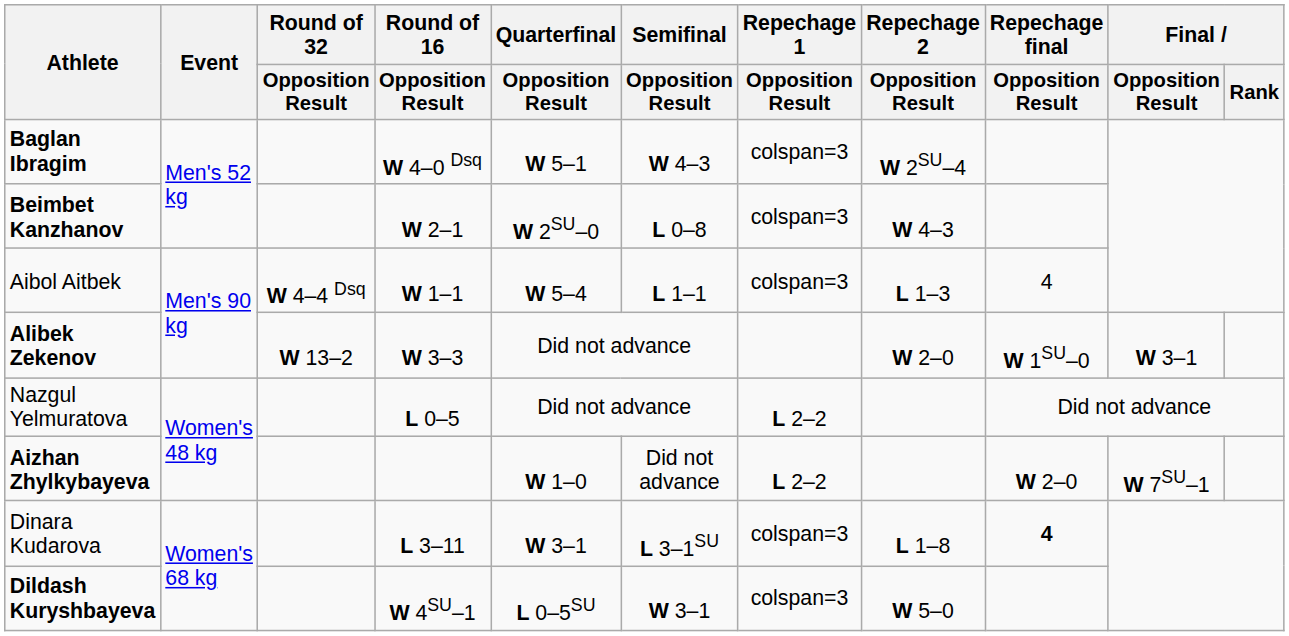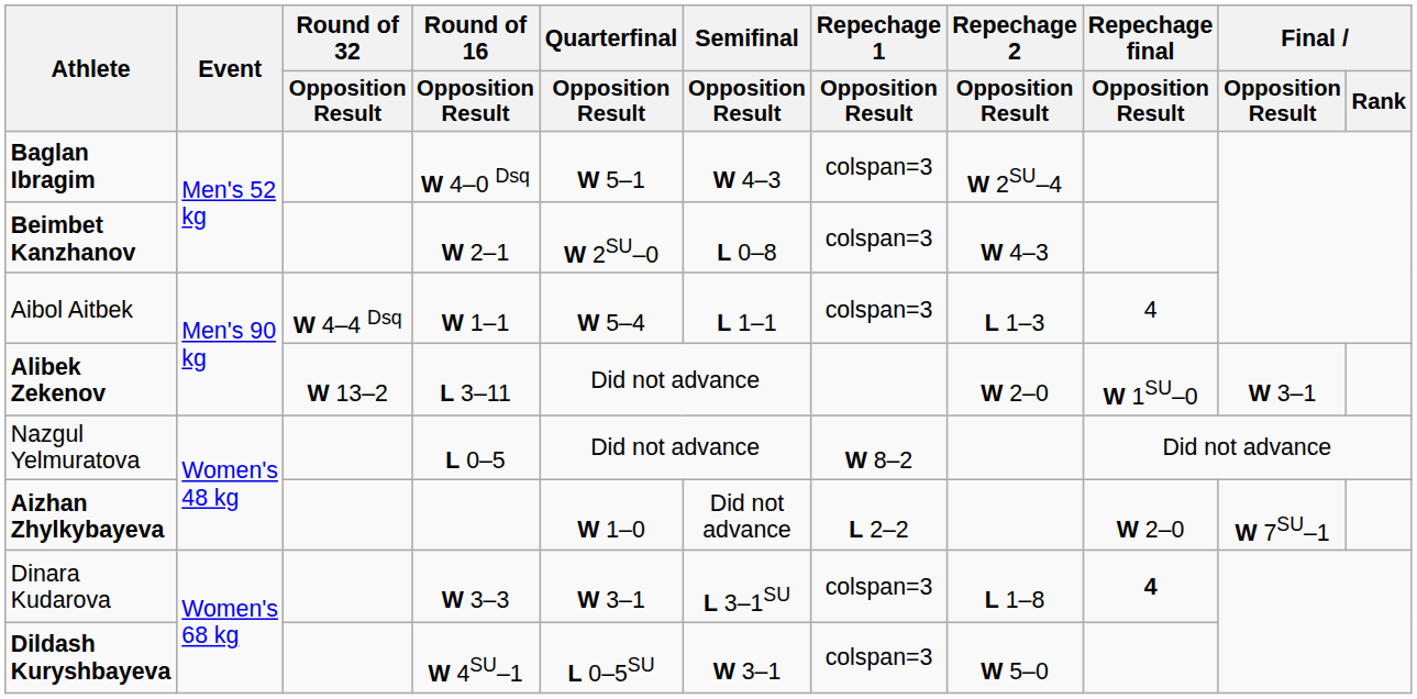 <table class=wikitable style=font-size:87%;text-align:center>
 <tr>
 <th rowspan="2">Athlete</th>
 <th rowspan="2">Event</th>
 <th>Round of 32</th>
 <th>Round of 16</th>
 <th>Quarterfinal</th>
 <th>Semifinal</th>
 <th>Repechage 1</th>
 <th>Repechage 2</th>
 <th>Repechage final</th>
 <th colspan=2>Final / </th>
 </tr>
 <tr style="font-size: 95%">
 <th>Opposition<br>Result</th>
 <th>Opposition<br>Result</th>
 <th>Opposition<br>Result</th>
 <th>Opposition<br>Result</th>
 <th>Opposition<br>Result</th>
 <th>Opposition<br>Result</th>
 <th>Opposition<br>Result</th>
 <th>Opposition<br>Result</th>
 <th>Rank</th>
 </tr>
 <tr>
 <td align=left><strong>Baglan Ibragim</strong></td>
 <td align=left rowspan=2><a href='#'>Men's 52 kg</a></td>
 <td></td>
 <td><br><strong>W</strong> 4–0 <sup>Dsq</sup></td>
 <td><br><strong>W</strong> 5–1</td>
 <td><br><strong>W</strong> 4–3</td>
 <td>colspan=3 </td>
 <td><br><strong>W</strong> 2<sup>SU</sup>–4</td>
 <td></td>
 </tr>
 <tr>
 <td align=left><strong>Beimbet Kanzhanov</strong></td>
 <td></td>
 <td><br><strong>W</strong> 2–1</td>
 <td><br><strong>W</strong> 2<sup>SU</sup>–0</td>
 <td><br><strong>L</strong> 0–8</td>
 <td>colspan=3 </td>
 <td><br><strong>W</strong> 4–3</td>
 <td></td>
 </tr>
 <tr>
 <td align=left>Aibol Aitbek</td>
 <td align=left rowspan=2><a href='#'>Men's 90 kg</a></td>
 <td><br><strong>W</strong> 4–4 <sup>Dsq</sup></td>
 <td><br><strong>W</strong> 1–1</td>
 <td><br><strong>W</strong> 5–4</td>
 <td><br><strong>L</strong> 1–1</td>
 <td>colspan=3 </td>
 <td><br><strong>L</strong> 1–3</td>
 <td>4</td>
 </tr>
 <tr>
 <td align=left><strong>Alibek Zekenov</strong></td>
 <td><br><strong>W</strong> 13–2</td>
-<td><br><strong>W</strong> 3–3</td>
+<td><br><strong>L</strong> 3–11</td>
 <td colspan=2>Did not advance</td>
 <td></td>
 <td><br><strong>W</strong> 2–0</td>
 <td><br><strong>W</strong> 1<sup>SU</sup>–0</td>
 <td><br><strong>W</strong> 3–1</td>
 <td></td>
 </tr>
 <tr>
 <td align=left>Nazgul Yelmuratova</td>
 <td align=left rowspan=2><a href='#'>Women's 48 kg</a></td>
 <td></td>
 <td><br><strong>L</strong> 0–5</td>
 <td colspan=2>Did not advance</td>
-<td><br><strong>L</strong> 2–2</td>
+<td><br><strong>W</strong> 8–2</td>
 <td></td>
 <td colspan=3>Did not advance</td>
 </tr>
 <tr>
 <td align=left><strong>Aizhan Zhylkybayeva</strong></td>
 <td></td>
 <td></td>
 <td><br><strong>W</strong> 1–0</td>
 <td>Did not advance</td>
 <td><br><strong>L</strong> 2–2</td>
 <td></td>
 <td><br><strong>W</strong> 2–0</td>
 <td><br><strong>W</strong> 7<sup>SU</sup>–1</td>
 <td></td>
 </tr>
 <tr>
 <td align=left>Dinara Kudarova</td>
 <td align=left rowspan=2><a href='#'>Women's 68 kg</a></td>
 <td></td>
-<td><br><strong>L</strong> 3–11</td>
+<td><br><strong>W</strong> 3–3</td>
 <td><br><strong>W</strong> 3–1</td>
 <td><br><strong>L</strong> 3–1<sup>SU</sup></td>
 <td>colspan=3 </td>
 <td><br><strong>L</strong> 1–8</td>
 <td><strong>4</strong></td>
 </tr>
 <tr>
 <td align=left><strong>Dildash Kuryshbayeva</strong></td>
 <td></td>
 <td><br><strong>W</strong> 4<sup>SU</sup>–1</td>
 <td><br><strong>L</strong> 0–5<sup>SU</sup></td>
 <td><br><strong>W</strong> 3–1</td>
 <td>colspan=3 </td>
 <td><br><strong>W</strong> 5–0</td>
 <td></td>
 </tr>
 </table>
